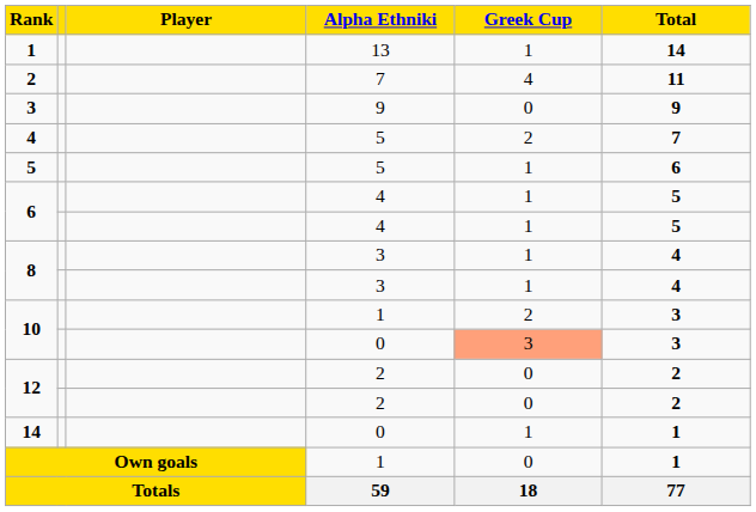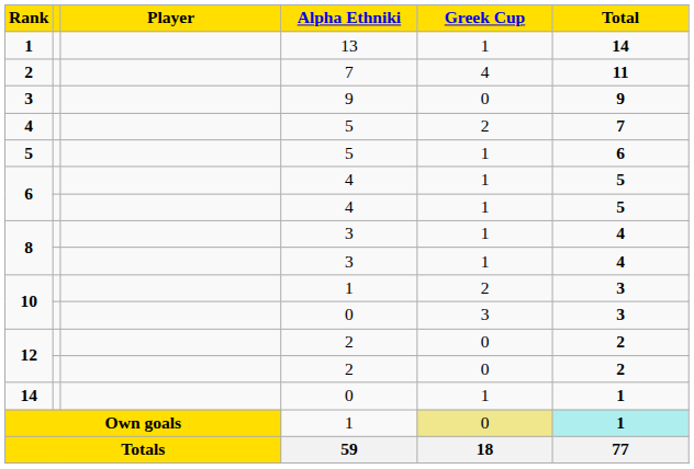 <table class="wikitable sortable" style="text-align: center">
 <tr>
 <th style="background:#FFDE00">Rank</th>
 <th style="background:#FFDE00"></th>
 <th width=200 style="background:#FFDE00">Player</th>
 <th width=120 style="background:#FFDE00"><a href='#'>Alpha Ethniki</a></th>
 <th width=120 style="background:#FFDE00"><a href='#'>Greek Cup</a></th>
 <th width=120 style="background:#FFDE00">Total</th>
 </tr>
 <tr>
 <td><strong>1</strong></td>
 <td></td>
 <td align=left></td>
 <td>13</td>
 <td>1</td>
 <td><strong>14</strong></td>
 </tr>
 <tr>
 <td><strong>2</strong></td>
 <td></td>
 <td align=left></td>
 <td>7</td>
 <td>4</td>
 <td><strong>11</strong></td>
 </tr>
 <tr>
 <td><strong>3</strong></td>
 <td></td>
 <td align=left></td>
 <td>9</td>
 <td>0</td>
 <td><strong>9</strong></td>
 </tr>
 <tr>
 <td><strong>4</strong></td>
 <td></td>
 <td align=left></td>
 <td>5</td>
 <td>2</td>
 <td><strong>7</strong></td>
 </tr>
 <tr>
 <td><strong>5</strong></td>
 <td></td>
 <td align=left></td>
 <td>5</td>
 <td>1</td>
 <td><strong>6</strong></td>
 </tr>
 <tr>
 <td rowspan=2><strong>6</strong></td>
 <td></td>
 <td align=left></td>
 <td>4</td>
 <td>1</td>
 <td><strong>5</strong></td>
 </tr>
 <tr>
 <td></td>
 <td align=left></td>
 <td>4</td>
 <td>1</td>
 <td><strong>5</strong></td>
 </tr>
 <tr>
 <td rowspan=2><strong>8</strong></td>
 <td></td>
 <td align=left></td>
 <td>3</td>
 <td>1</td>
 <td><strong>4</strong></td>
 </tr>
 <tr>
 <td></td>
 <td align=left></td>
 <td>3</td>
 <td>1</td>
 <td><strong>4</strong></td>
 </tr>
 <tr>
 <td rowspan=2><strong>10</strong></td>
 <td></td>
 <td align=left></td>
 <td>1</td>
 <td>2</td>
 <td><strong>3</strong></td>
 </tr>
 <tr>
 <td></td>
 <td align=left></td>
 <td>0</td>
-<td style="background: lightsalmon;">3</td>
+<td>3</td>
 <td><strong>3</strong></td>
 </tr>
 <tr>
 <td rowspan=2><strong>12</strong></td>
 <td></td>
 <td align=left></td>
 <td>2</td>
 <td>0</td>
 <td><strong>2</strong></td>
 </tr>
 <tr>
 <td></td>
 <td align=left></td>
 <td>2</td>
 <td>0</td>
 <td><strong>2</strong></td>
 </tr>
 <tr>
 <td><strong>14</strong></td>
 <td></td>
 <td align=left></td>
 <td>0</td>
 <td>1</td>
 <td><strong>1</strong></td>
 </tr>
 <tr class="sortbottom">
 <td colspan=3 style="background:#FFDE00"><strong>Own goals</strong></td>
 <td>1</td>
-<td>0</td>
-<td><strong>1</strong></td>
+<td style="background: khaki;">0</td>
+<td style="background: paleturquoise;"><strong>1</strong></td>
 </tr>
 <tr class="sortbottom">
 <th colspan=3 style="background:#FFDE00"><strong>Totals</strong></th>
 <th><strong>59</strong></th>
 <th><strong>18</strong></th>
 <th><strong>77</strong></th>
 </tr>
 </table>
